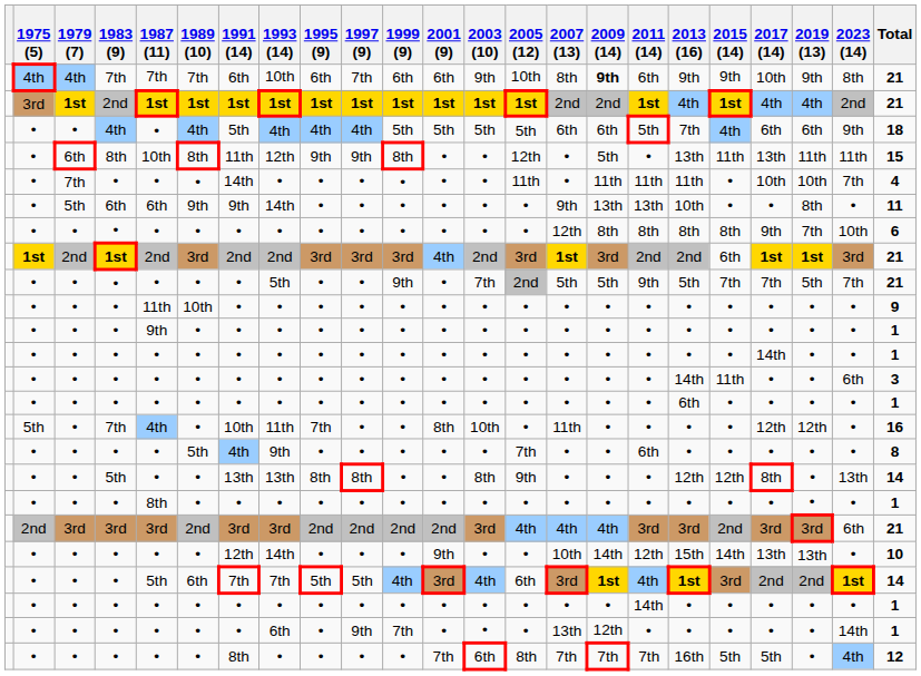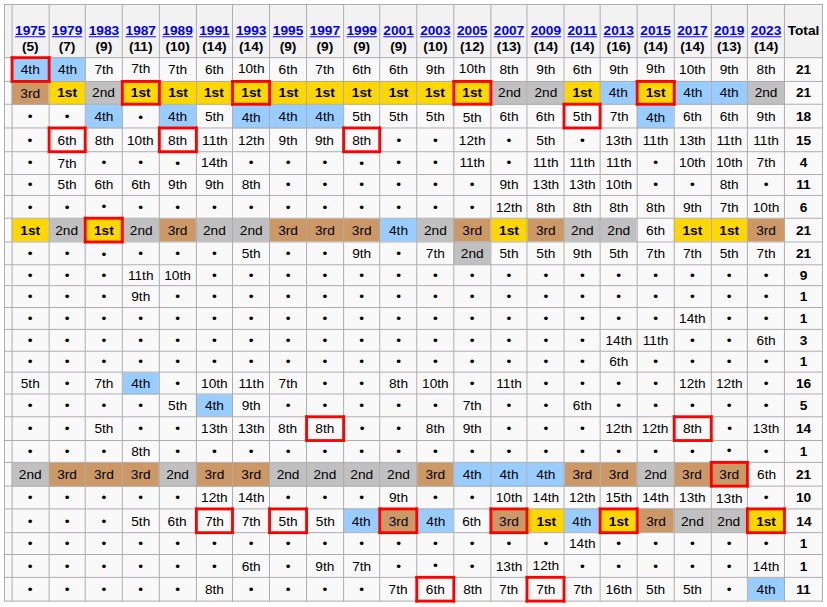 <table class="wikitable" style="text-align:center; font-size:90%">
 <tr>
 <th></th>
 <th><br><a href='#'>1975</a><br>(5)</th>
 <th><br><a href='#'>1979</a><br>(7)</th>
 <th><br><a href='#'>1983</a><br>(9)</th>
 <th><br><a href='#'>1987</a><br>(11)</th>
 <th><br><a href='#'>1989</a><br>(10)</th>
 <th><br><a href='#'>1991</a><br>(14)</th>
 <th><br><a href='#'>1993</a><br>(14)</th>
 <th><br><a href='#'>1995</a><br>(9)</th>
 <th><br><a href='#'>1997</a><br>(9)</th>
 <th><br><a href='#'>1999</a><br>(9)</th>
 <th><br><a href='#'>2001</a><br>(9)</th>
 <th><br><a href='#'>2003</a><br>(10)</th>
 <th><br><a href='#'>2005</a><br>(12)</th>
 <th><br><a href='#'>2007</a><br>(13)</th>
 <th><br><a href='#'>2009</a><br>(14)</th>
 <th><br><a href='#'>2011</a><br>(14)</th>
 <th><br><a href='#'>2013</a><br>(16)</th>
 <th><br><a href='#'>2015</a><br>(14)</th>
 <th><br><a href='#'>2017</a><br>(14)</th>
 <th><br><a href='#'>2019</a><br>(13)</th>
 <th><br><a href='#'>2023</a><br>(14)</th>
 <th>Total</th>
 </tr>
 <tr>
 <td align=left></td>
 <td style="border:3px solid red" bgcolor="9acdff">4th</td>
 <td bgcolor="9acdff">4th</td>
 <td>7th</td>
 <td>7th</td>
 <td>7th</td>
 <td>6th</td>
 <td>10th</td>
 <td>6th</td>
 <td>7th</td>
 <td>6th</td>
 <td>6th</td>
 <td>9th</td>
 <td>10th</td>
 <td>8th</td>
-<td><strong>9th</strong></td>
+<td>9th</td>
 <td>6th</td>
 <td>9th</td>
 <td>9th</td>
 <td>10th</td>
 <td>9th</td>
 <td>8th</td>
 <td><strong>21</strong></td>
 </tr>
 <tr>
 <td align=left></td>
 <td bgcolor="cc9966">3rd</td>
 <td bgcolor="gold"><strong>1st</strong></td>
 <td bgcolor="silver">2nd</td>
 <td style="border:3px solid red" bgcolor="gold"><strong>1st</strong></td>
 <td bgcolor="gold"><strong>1st</strong></td>
 <td bgcolor="gold"><strong>1st</strong></td>
 <td style="border:3px solid red" bgcolor="gold"><strong>1st</strong></td>
 <td bgcolor="gold"><strong>1st</strong></td>
 <td bgcolor="gold"><strong>1st</strong></td>
 <td bgcolor="gold"><strong>1st</strong></td>
 <td bgcolor="gold"><strong>1st</strong></td>
 <td bgcolor="gold"><strong>1st</strong></td>
 <td style="border:3px solid red" bgcolor="gold"><strong>1st</strong></td>
 <td bgcolor="silver">2nd</td>
 <td bgcolor="silver">2nd</td>
 <td bgcolor="gold"><strong>1st</strong></td>
 <td bgcolor="9acdff">4th</td>
 <td style="border:3px solid red" bgcolor="gold"><strong>1st</strong></td>
 <td bgcolor="9acdff">4th</td>
 <td bgcolor="9acdff">4th</td>
 <td bgcolor="silver">2nd</td>
 <td><strong>21</strong></td>
 </tr>
 <tr>
 <td align=left></td>
 <td>•</td>
 <td>•</td>
 <td bgcolor="9acdff">4th</td>
 <td>•</td>
 <td bgcolor="9acdff">4th</td>
 <td>5th</td>
 <td bgcolor="9acdff">4th</td>
 <td bgcolor="9acdff">4th</td>
 <td bgcolor="9acdff">4th</td>
 <td>5th</td>
 <td>5th</td>
 <td>5th</td>
 <td>5th</td>
 <td>6th</td>
 <td>6th</td>
 <td style="border:3px solid red">5th</td>
 <td>7th</td>
 <td bgcolor="9acdff">4th</td>
 <td>6th</td>
 <td>6th</td>
 <td>9th</td>
 <td><strong>18</strong></td>
 </tr>
 <tr>
 <td align=left></td>
 <td>•</td>
 <td style="border:3px solid red">6th</td>
 <td>8th</td>
 <td>10th</td>
 <td style="border:3px solid red">8th</td>
 <td>11th</td>
 <td>12th</td>
 <td>9th</td>
 <td>9th</td>
 <td style="border:3px solid red">8th</td>
 <td>•</td>
 <td>•</td>
 <td>12th</td>
 <td>•</td>
 <td>5th</td>
 <td>•</td>
 <td>13th</td>
 <td>11th</td>
 <td>13th</td>
 <td>11th</td>
 <td>11th</td>
 <td><strong>15</strong></td>
 </tr>
 <tr>
 <td align=left></td>
 <td>•</td>
 <td>7th</td>
 <td>•</td>
 <td>•</td>
 <td>•</td>
 <td>14th</td>
 <td>•</td>
 <td>•</td>
 <td>•</td>
 <td>•</td>
 <td>•</td>
 <td>•</td>
 <td>11th</td>
 <td>•</td>
 <td>11th</td>
 <td>11th</td>
 <td>11th</td>
 <td>•</td>
 <td>10th</td>
 <td>10th</td>
 <td>7th</td>
 <td><strong>4</strong></td>
 </tr>
 <tr>
 <td align=left></td>
 <td>•</td>
 <td>5th</td>
 <td>6th</td>
 <td>6th</td>
 <td>9th</td>
 <td>9th</td>
-<td>14th</td>
+<td>8th</td>
 <td>•</td>
 <td>•</td>
 <td>•</td>
 <td>•</td>
 <td>•</td>
 <td>•</td>
 <td>9th</td>
 <td>13th</td>
 <td>13th</td>
 <td>10th</td>
 <td>•</td>
 <td>•</td>
 <td>8th</td>
 <td>•</td>
 <td><strong>11</strong></td>
 </tr>
 <tr>
 <td align=left></td>
 <td>•</td>
 <td>•</td>
 <td>•</td>
 <td>•</td>
 <td>•</td>
 <td>•</td>
 <td>•</td>
 <td>•</td>
 <td>•</td>
 <td>•</td>
 <td>•</td>
 <td>•</td>
 <td>•</td>
 <td>12th</td>
 <td>8th</td>
 <td>8th</td>
 <td>8th</td>
 <td>8th</td>
 <td>9th</td>
 <td>7th</td>
 <td>10th</td>
 <td><strong>6</strong></td>
 </tr>
 <tr>
 <td align=left></td>
 <td bgcolor="gold"><strong>1st</strong></td>
 <td bgcolor="silver">2nd</td>
 <td style="border:3px solid red" bgcolor="gold"><strong>1st</strong></td>
 <td bgcolor="silver">2nd</td>
 <td bgcolor="cc9966">3rd</td>
 <td bgcolor="silver">2nd</td>
 <td bgcolor="silver">2nd</td>
 <td bgcolor="cc9966">3rd</td>
 <td bgcolor="cc9966">3rd</td>
 <td bgcolor="cc9966">3rd</td>
 <td bgcolor="9acdff">4th</td>
 <td bgcolor="silver">2nd</td>
 <td bgcolor="cc9966">3rd</td>
 <td bgcolor="gold"><strong>1st</strong></td>
 <td bgcolor="cc9966">3rd</td>
 <td bgcolor="silver">2nd</td>
 <td bgcolor="silver">2nd</td>
 <td>6th</td>
 <td bgcolor="gold"><strong>1st</strong></td>
 <td bgcolor="gold"><strong>1st</strong></td>
 <td bgcolor="cc9966">3rd</td>
 <td><strong>21</strong></td>
 </tr>
 <tr>
 <td align=left></td>
 <td>•</td>
 <td>•</td>
 <td>•</td>
 <td>•</td>
 <td>•</td>
 <td>•</td>
 <td>5th</td>
 <td>•</td>
 <td>•</td>
 <td>9th</td>
 <td>•</td>
 <td>7th</td>
 <td bgcolor="silver">2nd</td>
 <td>5th</td>
 <td>5th</td>
 <td>9th</td>
 <td>5th</td>
 <td>7th</td>
 <td>7th</td>
 <td>5th</td>
 <td>7th</td>
 <td><strong>21</strong></td>
 </tr>
 <tr>
 <td align=left></td>
 <td>•</td>
 <td>•</td>
 <td>•</td>
 <td>11th</td>
 <td>10th</td>
 <td>•</td>
 <td>•</td>
 <td>•</td>
 <td>•</td>
 <td>•</td>
 <td>•</td>
 <td>•</td>
 <td>•</td>
 <td>•</td>
 <td>•</td>
 <td>•</td>
 <td>•</td>
 <td>•</td>
 <td>•</td>
 <td>•</td>
 <td>•</td>
 <td><strong>9</strong></td>
 </tr>
 <tr>
 <td align=left></td>
 <td>•</td>
 <td>•</td>
 <td>•</td>
 <td>9th</td>
 <td>•</td>
 <td>•</td>
 <td>•</td>
 <td>•</td>
 <td>•</td>
 <td>•</td>
 <td>•</td>
 <td>•</td>
 <td>•</td>
 <td>•</td>
 <td>•</td>
 <td>•</td>
 <td>•</td>
 <td>•</td>
 <td>•</td>
 <td>•</td>
 <td>•</td>
 <td><strong>1</strong></td>
 </tr>
 <tr>
 <td align=left></td>
 <td>•</td>
 <td>•</td>
 <td>•</td>
 <td>•</td>
 <td>•</td>
 <td>•</td>
 <td>•</td>
 <td>•</td>
 <td>•</td>
 <td>•</td>
 <td>•</td>
 <td>•</td>
 <td>•</td>
 <td>•</td>
 <td>•</td>
 <td>•</td>
 <td>•</td>
 <td>•</td>
 <td>14th</td>
 <td>•</td>
 <td>•</td>
 <td><strong>1</strong></td>
 </tr>
 <tr>
 <td align=left></td>
 <td>•</td>
 <td>•</td>
 <td>•</td>
 <td>•</td>
 <td>•</td>
 <td>•</td>
 <td>•</td>
 <td>•</td>
 <td>•</td>
 <td>•</td>
 <td>•</td>
 <td>•</td>
 <td>•</td>
 <td>•</td>
 <td>•</td>
 <td>•</td>
 <td>14th</td>
 <td>11th</td>
 <td>•</td>
 <td>•</td>
 <td>6th</td>
 <td><strong>3</strong></td>
 </tr>
 <tr>
 <td align=left></td>
 <td>•</td>
 <td>•</td>
 <td>•</td>
 <td>•</td>
 <td>•</td>
 <td>•</td>
 <td>•</td>
 <td>•</td>
 <td>•</td>
 <td>•</td>
 <td>•</td>
 <td>•</td>
 <td>•</td>
 <td>•</td>
 <td>•</td>
 <td>•</td>
 <td>6th</td>
 <td>•</td>
 <td>•</td>
 <td>•</td>
 <td>•</td>
 <td><strong>1</strong></td>
 </tr>
 <tr>
 <td align=left></td>
 <td>5th</td>
 <td>•</td>
 <td>7th</td>
 <td bgcolor="9acdff">4th</td>
 <td>•</td>
 <td>10th</td>
 <td>11th</td>
 <td>7th</td>
 <td>•</td>
 <td>•</td>
 <td>8th</td>
 <td>10th</td>
 <td>•</td>
 <td>11th</td>
 <td>•</td>
 <td>•</td>
 <td>•</td>
 <td>•</td>
 <td>12th</td>
 <td>12th</td>
 <td>•</td>
 <td><strong>16</strong></td>
 </tr>
 <tr>
 <td align=left></td>
 <td>•</td>
 <td>•</td>
 <td>•</td>
 <td>•</td>
 <td>5th</td>
 <td bgcolor="9acdff">4th</td>
 <td>9th</td>
 <td>•</td>
 <td>•</td>
 <td>•</td>
 <td>•</td>
 <td>•</td>
 <td>7th</td>
 <td>•</td>
 <td>•</td>
 <td>6th</td>
 <td>•</td>
 <td>•</td>
 <td>•</td>
 <td>•</td>
 <td>•</td>
-<td><strong>8</strong></td>
+<td><strong>5</strong></td>
 </tr>
 <tr>
 <td align=left></td>
 <td>•</td>
 <td>•</td>
 <td>5th</td>
 <td>•</td>
 <td>•</td>
 <td>13th</td>
 <td>13th</td>
 <td>8th</td>
 <td style="border:3px solid red">8th</td>
 <td>•</td>
 <td>•</td>
 <td>8th</td>
 <td>9th</td>
 <td>•</td>
 <td>•</td>
 <td>•</td>
 <td>12th</td>
 <td>12th</td>
 <td style="border:3px solid red">8th</td>
 <td>•</td>
 <td>13th</td>
 <td><strong>14</strong></td>
 </tr>
 <tr>
 <td align=left></td>
 <td>•</td>
 <td>•</td>
 <td>•</td>
 <td>8th</td>
 <td>•</td>
 <td>•</td>
 <td>•</td>
 <td>•</td>
 <td>•</td>
 <td>•</td>
 <td>•</td>
 <td>•</td>
 <td>•</td>
 <td>•</td>
 <td>•</td>
 <td>•</td>
 <td>•</td>
 <td>•</td>
 <td>•</td>
 <td>•</td>
 <td>•</td>
 <td><strong>1</strong></td>
 </tr>
 <tr>
 <td align=left></td>
 <td bgcolor="silver">2nd</td>
 <td bgcolor="cc9966">3rd</td>
 <td bgcolor="cc9966">3rd</td>
 <td bgcolor="cc9966">3rd</td>
 <td bgcolor="silver">2nd</td>
 <td bgcolor="cc9966">3rd</td>
 <td bgcolor="cc9966">3rd</td>
 <td bgcolor="silver">2nd</td>
 <td bgcolor="silver">2nd</td>
 <td bgcolor="silver">2nd</td>
 <td bgcolor="silver">2nd</td>
 <td bgcolor="cc9966">3rd</td>
 <td bgcolor="9acdff">4th</td>
 <td bgcolor="9acdff">4th</td>
 <td bgcolor="9acdff">4th</td>
 <td bgcolor="cc9966">3rd</td>
 <td bgcolor="cc9966">3rd</td>
 <td bgcolor="silver">2nd</td>
 <td bgcolor="cc9966">3rd</td>
 <td style="border:3px solid red" bgcolor="cc9966">3rd</td>
 <td>6th</td>
 <td><strong>21</strong></td>
 </tr>
 <tr>
 <td align=left></td>
 <td>•</td>
 <td>•</td>
 <td>•</td>
 <td>•</td>
 <td>•</td>
 <td>12th</td>
 <td>14th</td>
 <td>•</td>
 <td>•</td>
 <td>•</td>
 <td>9th</td>
 <td>•</td>
 <td>•</td>
 <td>10th</td>
 <td>14th</td>
 <td>12th</td>
 <td>15th</td>
 <td>14th</td>
 <td>13th</td>
 <td>13th</td>
 <td>•</td>
 <td><strong>10</strong></td>
 </tr>
 <tr>
 <td align=left></td>
 <td>•</td>
 <td>•</td>
 <td>•</td>
 <td>5th</td>
 <td>6th</td>
 <td style="border:3px solid red">7th</td>
 <td>7th</td>
 <td style="border:3px solid red">5th</td>
 <td>5th</td>
 <td bgcolor="9acdff">4th</td>
 <td style="border:3px solid red" bgcolor="cc9966">3rd</td>
 <td bgcolor="9acdff">4th</td>
 <td>6th</td>
 <td style="border:3px solid red" bgcolor="cc9966">3rd</td>
 <td bgcolor="gold"><strong>1st</strong></td>
 <td bgcolor="9acdff">4th</td>
 <td style="border:3px solid red" bgcolor="gold"><strong>1st</strong></td>
 <td bgcolor="cc9966">3rd</td>
 <td bgcolor="silver">2nd</td>
 <td bgcolor="silver">2nd</td>
 <td style="border:3px solid red" bgcolor="gold"><strong>1st</strong></td>
 <td><strong>14</strong></td>
 </tr>
 <tr>
 <td align=left></td>
 <td>•</td>
 <td>•</td>
 <td>•</td>
 <td>•</td>
 <td>•</td>
 <td>•</td>
 <td>•</td>
 <td>•</td>
 <td>•</td>
 <td>•</td>
 <td>•</td>
 <td>•</td>
 <td>•</td>
 <td>•</td>
 <td>•</td>
 <td>14th</td>
 <td>•</td>
 <td>•</td>
 <td>•</td>
 <td>•</td>
 <td>•</td>
 <td><strong>1</strong></td>
 </tr>
 <tr>
 <td align=left></td>
 <td>•</td>
 <td>•</td>
 <td>•</td>
 <td>•</td>
 <td>•</td>
 <td>•</td>
 <td>6th</td>
 <td>•</td>
 <td>9th</td>
 <td>7th</td>
 <td>•</td>
 <td>•</td>
 <td>•</td>
 <td>13th</td>
 <td>12th</td>
 <td>•</td>
 <td>•</td>
 <td>•</td>
 <td>•</td>
 <td>•</td>
 <td>14th</td>
 <td><strong>1</strong></td>
 </tr>
 <tr>
 <td align=left></td>
 <td>•</td>
 <td>•</td>
 <td>•</td>
 <td>•</td>
 <td>•</td>
 <td>8th</td>
 <td>•</td>
 <td>•</td>
 <td>•</td>
 <td>•</td>
 <td>7th</td>
 <td style="border:3px solid red">6th</td>
 <td>8th</td>
 <td>7th</td>
 <td style="border:3px solid red">7th</td>
 <td>7th</td>
 <td>16th</td>
 <td>5th</td>
 <td>5th</td>
 <td>•</td>
 <td bgcolor="9acdff">4th</td>
-<td><strong>12</strong></td>
+<td><strong>11</strong></td>
 </tr>
 </table>
